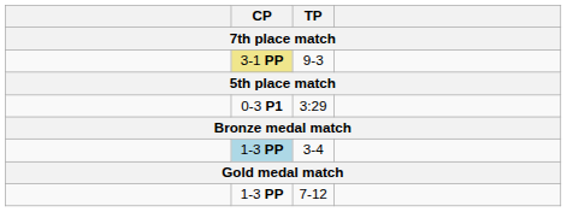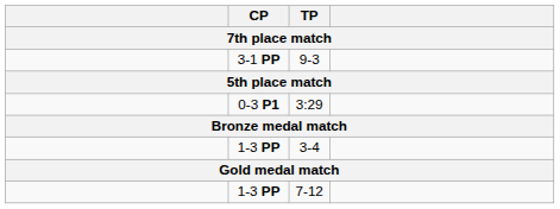 <table class="wikitable" style="text-align: center;" |>
 <tr>
 <th width="250"></th>
 <th width="62">CP</th>
 <th width="40">TP</th>
 <th width="250"></th>
 </tr>
 <tr>
 <th colspan="5">7th place match</th>
 </tr>
 <tr>
 <td style="text-align:left;"><strong></strong></td>
-<td style="background: khaki;">3-1 <strong>PP</strong></td>
+<td>3-1 <strong>PP</strong></td>
 <td>9-3</td>
 <td style="text-align:left;"></td>
 </tr>
 <tr>
 <th colspan="5">5th place match</th>
 </tr>
 <tr>
 <td style="text-align:left;"></td>
 <td>0-3 <strong>P1</strong></td>
 <td>3:29</td>
 <td style="text-align:left;"><strong></strong></td>
 </tr>
 <tr>
 <th colspan="5">Bronze medal match</th>
 </tr>
 <tr>
 <td style="text-align:left;"></td>
-<td style="background: lightblue;">1-3 <strong>PP</strong></td>
+<td>1-3 <strong>PP</strong></td>
 <td>3-4</td>
 <td style="text-align:left;"><strong></strong></td>
 </tr>
 <tr>
 <th colspan="5">Gold medal match</th>
 </tr>
 <tr>
 <td style="text-align:left;"></td>
 <td>1-3 <strong>PP</strong></td>
 <td>7-12</td>
 <td style="text-align:left;"><strong></strong></td>
 </tr>
 </table>
